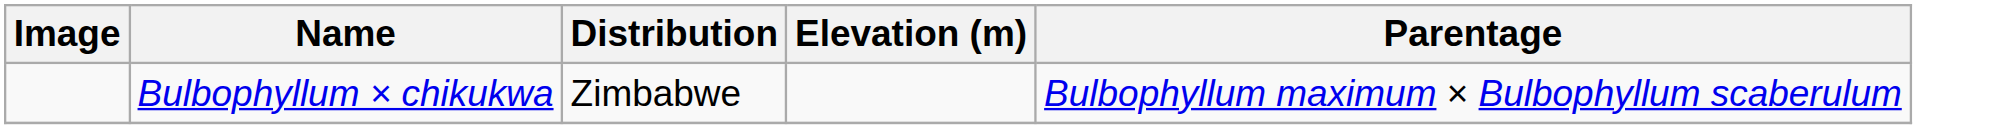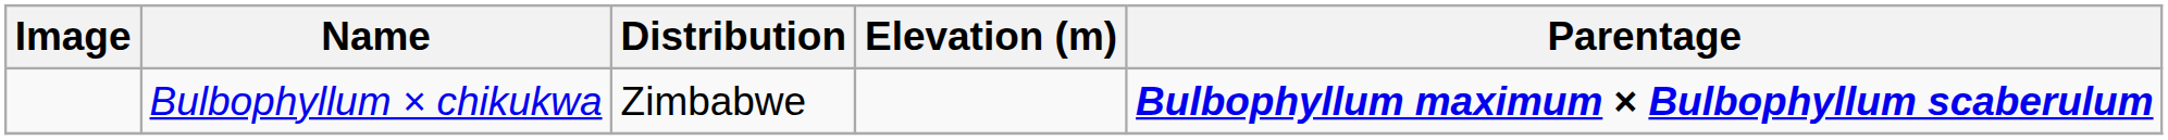 <table class="wikitable ">
 <tr>
 <th>Image</th>
 <th>Name</th>
 <th>Distribution</th>
 <th>Elevation (m)</th>
 <th>Parentage</th>
 </tr>
 <tr>
 <td></td>
 <td><em><a href='#'>Bulbophyllum × chikukwa</a></em> </td>
 <td>Zimbabwe</td>
 <td></td>
-<td><em><a href='#'>Bulbophyllum  maximum</a></em> × <em><a href='#'>Bulbophyllum  scaberulum</a></em></td>
+<td><strong><em><a href='#'>Bulbophyllum  maximum</a></em> × <em><a href='#'>Bulbophyllum  scaberulum</a></em></strong></td>
 </tr>
 <tr>
 </tr>
 </table>
